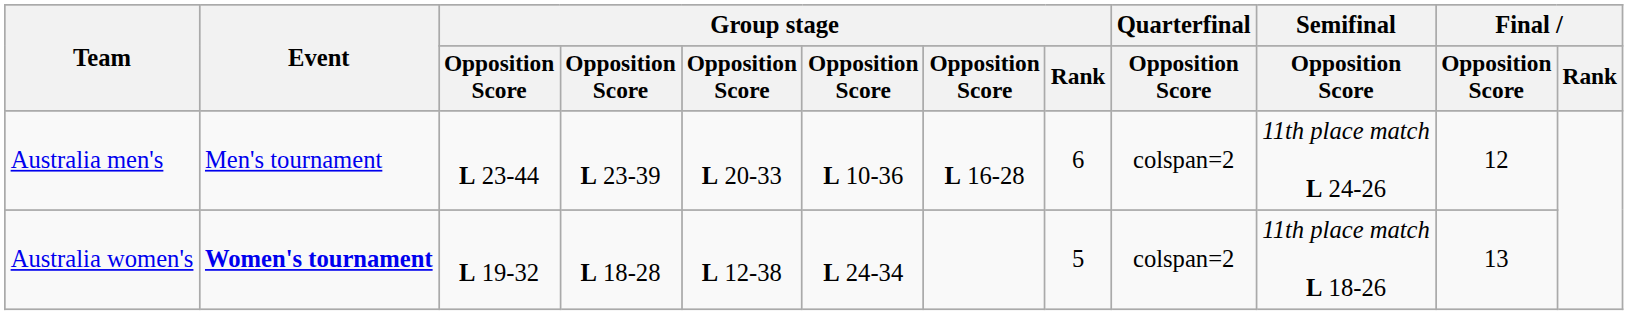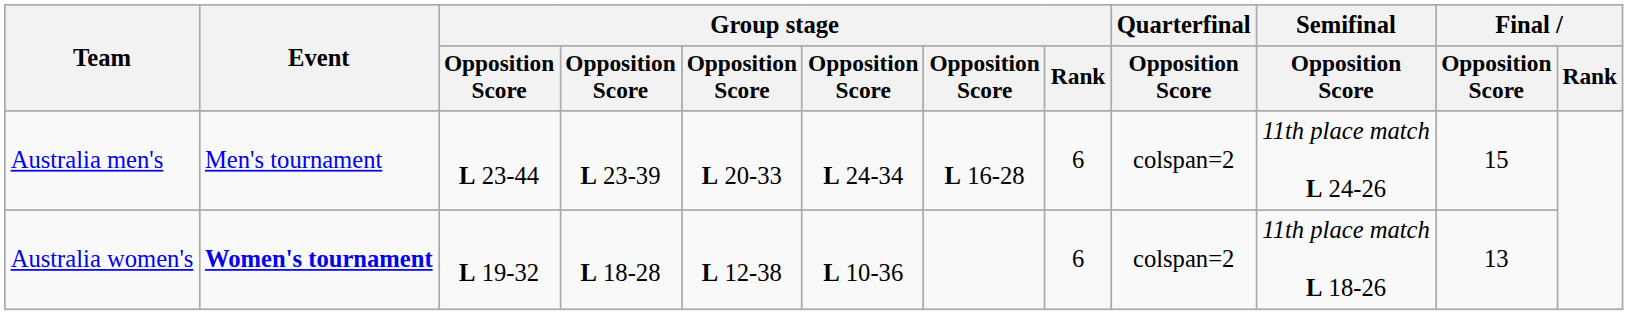 <table class="wikitable" style="font-size:90%">
 <tr>
 <th rowspan=2>Team</th>
 <th rowspan=2>Event</th>
 <th colspan=6>Group stage</th>
 <th>Quarterfinal</th>
 <th>Semifinal</th>
 <th colspan=2>Final / </th>
 </tr>
 <tr style="font-size:95%">
 <th>Opposition<br>Score</th>
 <th>Opposition<br>Score</th>
 <th>Opposition<br>Score</th>
 <th>Opposition<br>Score</th>
 <th>Opposition<br>Score</th>
 <th>Rank</th>
 <th>Opposition<br>Score</th>
 <th>Opposition<br>Score</th>
 <th>Opposition<br>Score</th>
 <th>Rank</th>
 </tr>
 <tr align=center>
 <td align=left><a href='#'>Australia men's</a></td>
 <td align=left><a href='#'>Men's tournament</a></td>
 <td><br><strong>L</strong> 23-44</td>
 <td><br><strong>L</strong> 23-39</td>
 <td><br><strong>L</strong> 20-33</td>
-<td><br><strong>L</strong> 10-36</td>
+<td><br><strong>L</strong> 24-34</td>
 <td><br><strong>L</strong> 16-28</td>
 <td>6</td>
 <td>colspan=2 </td>
 <td><em>11th place match</em><br><br><strong>L</strong> 24-26</td>
-<td>12</td>
+<td>15</td>
 </tr>
 <tr align=center>
 <td align=left><a href='#'>Australia women's</a></td>
 <td align=left><strong><a href='#'>Women's tournament</a></strong></td>
 <td><br><strong>L</strong> 19-32</td>
 <td><br><strong>L</strong> 18-28</td>
 <td><br><strong>L</strong> 12-38</td>
-<td><br><strong>L</strong> 24-34</td>
+<td><br><strong>L</strong> 10-36</td>
 <td></td>
-<td>5</td>
+<td>6</td>
 <td>colspan=2 </td>
 <td><em>11th place match</em><br><br><strong>L</strong> 18-26</td>
 <td>13</td>
 </tr>
 </table>
